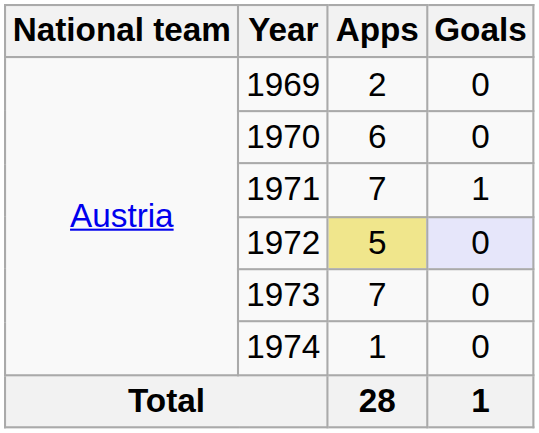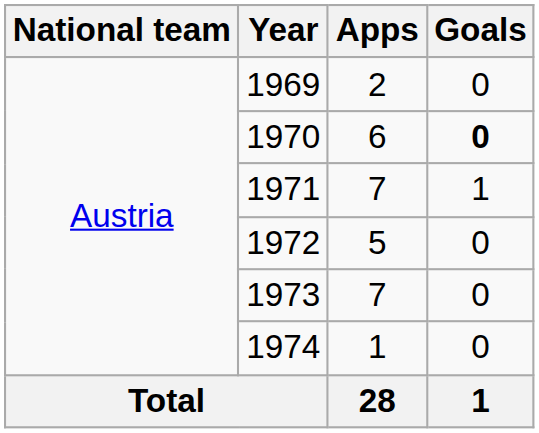 <table class="wikitable" style="text-align:center">
 <tr>
 <th>National team</th>
 <th>Year</th>
 <th>Apps</th>
 <th>Goals</th>
 </tr>
 <tr>
 <td rowspan="6"><a href='#'>Austria</a></td>
 <td>1969</td>
 <td>2</td>
 <td>0</td>
 </tr>
 <tr>
 <td>1970</td>
 <td>6</td>
-<td>0</td>
+<td><strong>0</strong></td>
 </tr>
 <tr>
 <td>1971</td>
 <td>7</td>
 <td>1</td>
 </tr>
 <tr>
 <td>1972</td>
-<td style="background: khaki;">5</td>
-<td style="background: lavender;">0</td>
+<td>5</td>
+<td>0</td>
 </tr>
 <tr>
 <td>1973</td>
 <td>7</td>
 <td>0</td>
 </tr>
 <tr>
 <td>1974</td>
 <td>1</td>
 <td>0</td>
 </tr>
 <tr>
 <th colspan="2">Total</th>
 <th>28</th>
 <th>1</th>
 </tr>
 </table>
